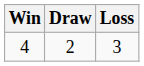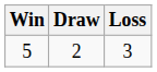 <table class="wikitable">
 <tr>
 <th>Win</th>
 <th>Draw</th>
 <th>Loss</th>
 </tr>
 <tr>
-<td align="center">4</td>
+<td align="center">5</td>
 <td align="center">2</td>
 <td align="center">3</td>
 </tr>
 </table>
